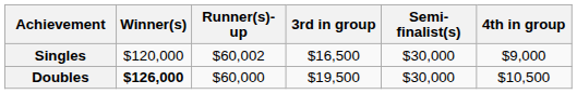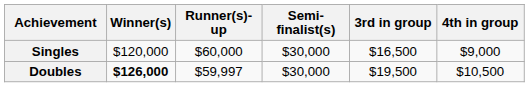 <table class=wikitable style="font-size:90%;text-align:center">
 <tr>
 <th style="width:104px;">Achievement</th>
 <th style="width:68px;">Winner(s)</th>
 <th style="width:88px;">Runner(s)-up</th>
+<th style="width:88px;">Semi-finalist(s)</th>
 <th style="width:88px;">3rd in group</th>
-<th style="width:88px;">Semi-finalist(s)</th>
 <th style="width:88px;">4th in group</th>
 </tr>
 <tr>
 <th>Singles</th>
 <td>$120,000</td>
-<td>$60,002</td>
+<td>$60,000</td>
+<td>$30,000</td>
 <td>$16,500</td>
-<td>$30,000</td>
 <td>$9,000</td>
 </tr>
 <tr>
 <th>Doubles</th>
 <td><strong>$126,000</strong></td>
-<td>$60,000</td>
+<td>$59,997</td>
+<td>$30,000</td>
 <td>$19,500</td>
-<td>$30,000</td>
 <td>$10,500</td>
 </tr>
 </table>
